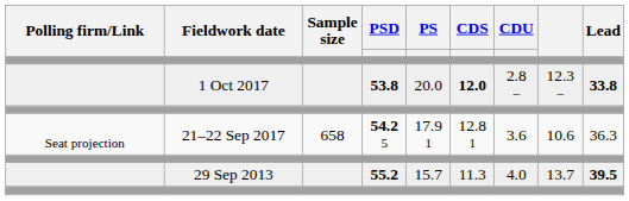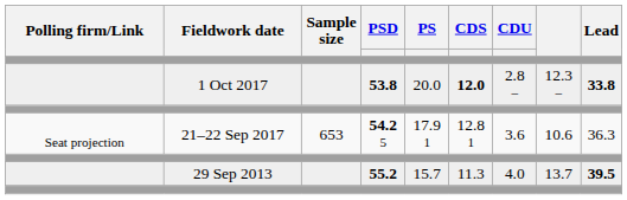 <table class="wikitable collapsible sortable" style="text-align:center; font-size:95%; line-height:16px;">
 <tr style="height:42px;">
 <th style="width:145px;" rowspan="2">Polling firm/Link</th>
 <th style="width:125px;" rowspan="2">Fieldwork date</th>
 <th class="unsortable" style="width:50px;" rowspan="2">Sample size</th>
 <th class="unsortable" style="width:35px;"><a href='#'>PSD</a></th>
 <th class="unsortable" style="width:35px;"><a href='#'>PS</a></th>
 <th class="unsortable" style="width:35px;"><a href='#'>CDS</a></th>
 <th class="unsortable" style="width:35px;"><a href='#'>CDU</a></th>
 <th class="unsortable" style="width:35px;" rowspan="2"></th>
 <th class="unsortable" style="width:30px;" rowspan="2">Lead</th>
 </tr>
 <tr>
 <th class="unsortable" style="color:inherit;background:"></th>
 <th class="unsortable" style="color:inherit;background:"></th>
 <th class="unsortable" style="color:inherit;background:"></th>
 <th class="unsortable" style="color:inherit;background:"></th>
 </tr>
 <tr>
 <td colspan="9" style="background:#A0A0A0"></td>
 </tr>
 <tr style="background:#EFEFEF;">
 <td><strong></strong></td>
 <td data-sort-value="2019-10-06">1 Oct 2017</td>
 <td></td>
 <td><strong>53.8</strong><br></td>
 <td>20.0<br></td>
 <td><strong>12.0<br></strong></td>
 <td align="center">2.8<br><small>–</small></td>
 <td align="center">12.3<br><small>–</small></td>
 <td style="background:"><strong>33.8</strong></td>
 </tr>
 <tr>
 <td colspan="9" style="background:#A0A0A0"></td>
 </tr>
 <tr>
 <td align="center"><br><small>Seat projection</small></td>
 <td align="center">21–22 Sep 2017</td>
-<td>658</td>
+<td>653</td>
 <td align="center" ><strong>54.2</strong><br><small>5</small></td>
 <td align="center">17.9<br><small>1</small></td>
 <td align="center">12.8<br><small>1</small></td>
 <td>3.6<br></td>
 <td>10.6</td>
 <td style="background:">36.3</td>
 </tr>
 <tr>
 <td colspan="9" style="background:#A0A0A0"></td>
 </tr>
 <tr style="background:#EFEFEF;">
 <td><strong></strong></td>
 <td data-sort-value="2019-10-06">29 Sep 2013</td>
 <td></td>
 <td><strong>55.2</strong><br></td>
 <td>15.7<br></td>
 <td>11.3<br></td>
 <td>4.0<br></td>
 <td>13.7</td>
 <td style="background:"><strong>39.5</strong></td>
 </tr>
 <tr>
 <td colspan="9" style="background:#A0A0A0"></td>
 </tr>
 </table>
